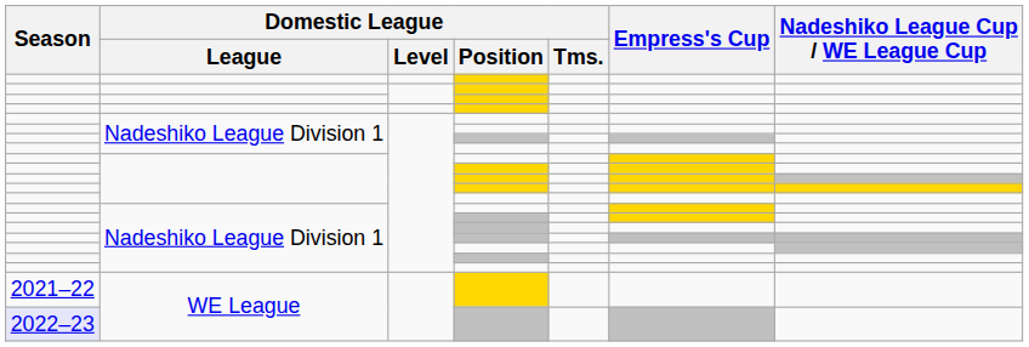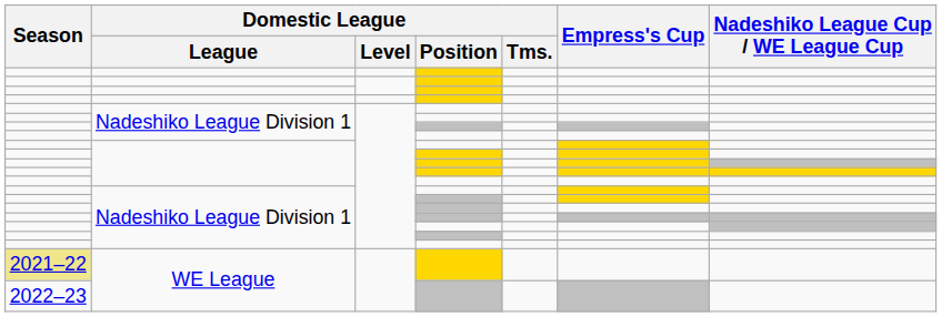 <table class="wikitable"  style="text-align:center;">
 <tr style="background:#f0f6fa;">
 <th rowspan="2"><strong>Season</strong></th>
 <th colspan="4"><strong>Domestic League</strong></th>
 <th rowspan="2"><strong><a href='#'>Empress's Cup</a></strong></th>
 <th rowspan="2"><strong><a href='#'>Nadeshiko League Cup</a><br>/ <a href='#'>WE League Cup</a></strong></th>
 </tr>
 <tr>
 <th>League</th>
 <th>Level</th>
 <th>Position</th>
 <th>Tms.</th>
 </tr>
 <tr>
 <td></td>
 <td></td>
 <td></td>
 <td bgcolor="gold"></td>
 <td></td>
 <td></td>
 <td></td>
 </tr>
 <tr>
 <td></td>
 <td></td>
 <td rowspan="2"></td>
 <td bgcolor="gold"></td>
 <td></td>
 <td></td>
 <td></td>
 </tr>
 <tr>
 <td></td>
 <td></td>
 <td bgcolor="gold"></td>
 <td></td>
 <td></td>
 <td></td>
 </tr>
 <tr>
 <td></td>
 <td></td>
 <td></td>
 <td bgcolor="gold"></td>
 <td></td>
 <td></td>
 <td></td>
 </tr>
 <tr>
 <td></td>
 <td rowspan="4" style="text-align:center;"><a href='#'>Nadeshiko League</a> Division 1</td>
 <td rowspan="16"></td>
 <td></td>
 <td></td>
 <td></td>
 <td></td>
 </tr>
 <tr>
 <td></td>
 <td></td>
 <td></td>
 <td></td>
 <td></td>
 </tr>
 <tr>
 <td></td>
 <td bgcolor="silver"></td>
 <td></td>
 <td bgcolor="silver"></td>
 <td></td>
 </tr>
 <tr>
 <td></td>
 <td></td>
 <td></td>
 <td></td>
 <td></td>
 </tr>
 <tr>
 <td></td>
 <td rowspan="5"></td>
 <td></td>
 <td></td>
 <td bgcolor="gold"></td>
 <td></td>
 </tr>
 <tr>
 <td></td>
 <td bgcolor="gold"></td>
 <td></td>
 <td bgcolor="gold"></td>
 <td></td>
 </tr>
 <tr>
 <td></td>
 <td bgcolor="gold"></td>
 <td></td>
 <td bgcolor="gold"></td>
 <td bgcolor="silver"></td>
 </tr>
 <tr>
 <td></td>
 <td bgcolor="gold"></td>
 <td></td>
 <td bgcolor="gold"></td>
 <td bgcolor="gold"></td>
 </tr>
 <tr>
 <td></td>
 <td></td>
 <td></td>
 <td></td>
 <td></td>
 </tr>
 <tr>
 <td></td>
 <td rowspan="7" style="text-align:center;"><a href='#'>Nadeshiko League</a> Division 1</td>
 <td></td>
 <td></td>
 <td bgcolor="gold"></td>
 <td></td>
 </tr>
 <tr>
 <td></td>
 <td bgcolor="silver"></td>
 <td></td>
 <td bgcolor="gold"></td>
 <td></td>
 </tr>
 <tr>
 <td></td>
 <td bgcolor="silver"></td>
 <td></td>
 <td></td>
 <td></td>
 </tr>
 <tr>
 <td></td>
 <td bgcolor="silver"></td>
 <td></td>
 <td bgcolor="silver"></td>
 <td bgcolor="silver"></td>
 </tr>
 <tr>
 <td></td>
 <td></td>
 <td></td>
 <td></td>
 <td bgcolor="silver"></td>
 </tr>
 <tr>
 <td></td>
 <td bgcolor="silver"></td>
 <td></td>
 <td></td>
 <td></td>
 </tr>
 <tr>
 <td></td>
 <td></td>
 <td></td>
 <td></td>
 <td></td>
 </tr>
 <tr>
-<td style="text-align:center;"><a href='#'>2021–22</a></td>
+<td style="background: khaki; text-align:center;"><a href='#'>2021–22</a></td>
 <td rowspan="2" style="text-align:center;"><a href='#'>WE League</a></td>
 <td rowspan="2"></td>
 <td bgcolor="gold"></td>
 <td></td>
 <td></td>
 <td></td>
 </tr>
 <tr>
-<td style="background: lavender; text-align:center;"><a href='#'>2022–23</a></td>
+<td style="text-align:center;"><a href='#'>2022–23</a></td>
 <td bgcolor="silver"></td>
 <td></td>
 <td bgcolor="silver"></td>
 <td></td>
 </tr>
 </table>
